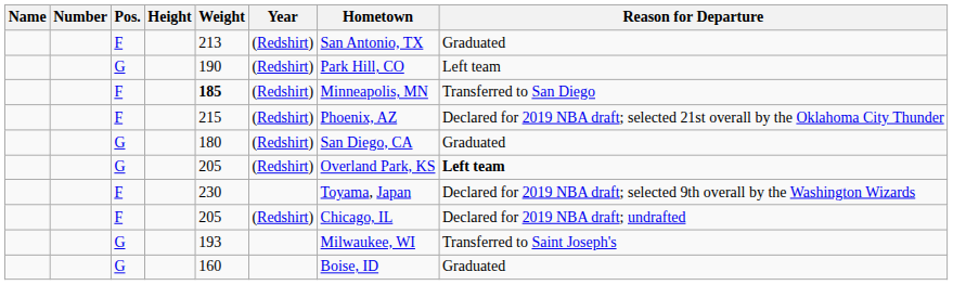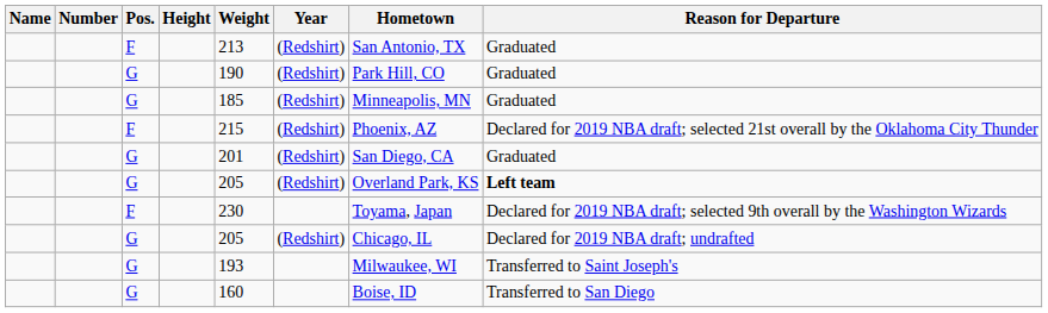 <table class="wikitable sortable" style="font-size:90%;" border="1">
 <tr>
 <th>Name</th>
 <th>Number</th>
 <th>Pos.</th>
 <th>Height</th>
 <th>Weight</th>
 <th>Year</th>
 <th>Hometown</th>
 <th ! class="unsortable">Reason for Departure</th>
 </tr>
 <tr>
 <td></td>
 <td></td>
 <td><a href='#'>F</a></td>
 <td></td>
 <td>213</td>
 <td> (<a href='#'>Redshirt</a>)</td>
 <td><a href='#'>San Antonio, TX</a></td>
 <td>Graduated</td>
 </tr>
 <tr>
 <td></td>
 <td></td>
 <td><a href='#'>G</a></td>
 <td></td>
 <td>190</td>
 <td> (<a href='#'>Redshirt</a>)</td>
 <td><a href='#'>Park Hill, CO</a></td>
-<td>Left team</td>
+<td>Graduated</td>
 </tr>
 <tr>
 <td></td>
 <td></td>
-<td><a href='#'>F</a></td>
+<td><a href='#'>G</a></td>
 <td></td>
-<td><strong>185</strong></td>
+<td>185</td>
 <td> (<a href='#'>Redshirt</a>)</td>
 <td><a href='#'>Minneapolis, MN</a></td>
-<td>Transferred to <a href='#'>San Diego</a></td>
+<td>Graduated</td>
 </tr>
 <tr>
 <td></td>
 <td></td>
 <td><a href='#'>F</a></td>
 <td></td>
 <td>215</td>
 <td> (<a href='#'>Redshirt</a>)</td>
 <td><a href='#'>Phoenix, AZ</a></td>
 <td>Declared for <a href='#'>2019 NBA draft</a>; selected 21st overall by the <a href='#'>Oklahoma City Thunder</a></td>
 </tr>
 <tr>
 <td></td>
 <td></td>
 <td><a href='#'>G</a></td>
 <td></td>
-<td>180</td>
+<td>201</td>
 <td> (<a href='#'>Redshirt</a>)</td>
 <td><a href='#'>San Diego, CA</a></td>
 <td>Graduated</td>
 </tr>
 <tr>
 <td></td>
 <td></td>
 <td><a href='#'>G</a></td>
 <td></td>
 <td>205</td>
 <td> (<a href='#'>Redshirt</a>)</td>
 <td><a href='#'>Overland Park, KS</a></td>
 <td><strong>Left team</strong></td>
 </tr>
 <tr>
 <td></td>
 <td></td>
 <td><a href='#'>F</a></td>
 <td></td>
 <td>230</td>
 <td></td>
 <td><a href='#'>Toyama</a>, <a href='#'>Japan</a></td>
 <td>Declared for <a href='#'>2019 NBA draft</a>; selected 9th overall by the <a href='#'>Washington Wizards</a></td>
 </tr>
 <tr>
 <td></td>
 <td></td>
-<td><a href='#'>F</a></td>
+<td><a href='#'>G</a></td>
 <td></td>
 <td>205</td>
 <td> (<a href='#'>Redshirt</a>)</td>
 <td><a href='#'>Chicago, IL</a></td>
 <td>Declared for <a href='#'>2019 NBA draft</a>; <a href='#'>undrafted</a></td>
 </tr>
 <tr>
 <td></td>
 <td></td>
 <td><a href='#'>G</a></td>
 <td></td>
 <td>193</td>
 <td></td>
 <td><a href='#'>Milwaukee, WI</a></td>
 <td>Transferred to <a href='#'>Saint Joseph's</a></td>
 </tr>
 <tr>
 <td></td>
 <td></td>
 <td><a href='#'>G</a></td>
 <td></td>
 <td>160</td>
 <td></td>
 <td><a href='#'>Boise, ID</a></td>
-<td>Graduated</td>
+<td>Transferred to <a href='#'>San Diego</a></td>
 </tr>
 </table>
